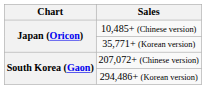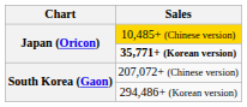 <table class="wikitable sortable plainrowheaders">
 <tr>
 <th scope="col">Chart</th>
 <th scope="col">Sales</th>
 </tr>
 <tr>
 <th scope="row" rowspan="2">Japan (<a href='#'>Oricon</a>)</th>
-<td align="center">10,485+ <small>(Chinese version)</small></td>
+<td align="center" style="background: gold;">10,485+ <small>(Chinese version)</small></td>
 </tr>
 <tr>
-<td align="center">35,771+ <small>(Korean version)</small></td>
+<td align="center"><strong>35,771+ <small>(Korean version)</small></strong></td>
 </tr>
 <tr>
 <th scope="row"  rowspan="2">South Korea (<a href='#'>Gaon</a>)</th>
 <td align="center">207,072+ <small>(Chinese version)</small></td>
 </tr>
 <tr>
 <td align="center">294,486+ <small>(Korean version)</small></td>
 </tr>
 </table>
